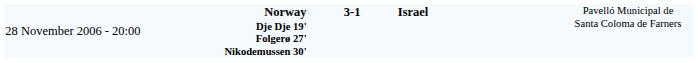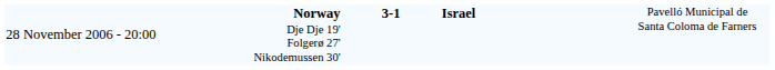 <table style="width: 100%; background:#F5FAFF;" cellspacing="0">
 <tr>
 <td align=center rowspan=3 width=20%>28 November 2006 - 20:00</td>
 </tr>
 <tr>
 <td width=24% align=right><strong>Norway</strong> </td>
 <td align=center width=13%><strong>3-1</strong></td>
 <td width=24%> <strong>Israel</strong></td>
 <td style=font-size:85% rowspan=3 valign=top align=center>Pavelló Municipal de <br>Santa Coloma de Farners</td>
 </tr>
 <tr style=font-size:85%>
-<td align=right valign=top><strong>Dje Dje 19'<br>Folgerø 27'<br>Nikodemussen 30'</strong></td>
+<td align=right valign=top>Dje Dje 19'<br>Folgerø 27'<br>Nikodemussen 30'</td>
 <td></td>
 <td></td>
 </tr>
 </table>
